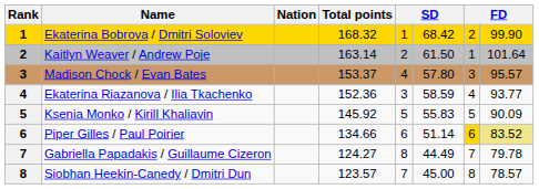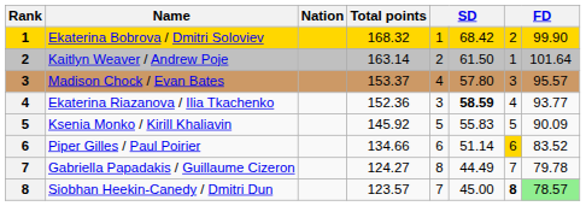 <table class="wikitable sortable">
 <tr>
 <th>Rank</th>
 <th>Name</th>
 <th>Nation</th>
 <th>Total points</th>
 <th colspan="2" width="80px"><a href='#'>SD</a></th>
 <th colspan="2" width="80px"><a href='#'>FD</a></th>
 </tr>
 <tr bgcolor="gold">
 <td align="center"><strong>1</strong></td>
 <td><a href='#'>Ekaterina Bobrova</a> / <a href='#'>Dmitri Soloviev</a></td>
 <td></td>
 <td align="center">168.32</td>
 <td align="center">1</td>
 <td align="center">68.42</td>
 <td align="center">2</td>
 <td align="center">99.90</td>
 </tr>
 <tr bgcolor="silver">
 <td align="center"><strong>2</strong></td>
 <td><a href='#'>Kaitlyn Weaver</a> / <a href='#'>Andrew Poje</a></td>
 <td></td>
 <td align="center">163.14</td>
 <td align="center">2</td>
 <td align="center">61.50</td>
 <td align="center">1</td>
 <td align="center">101.64</td>
 </tr>
 <tr bgcolor="cc9966">
 <td align="center"><strong>3</strong></td>
 <td><a href='#'>Madison Chock</a> / <a href='#'>Evan Bates</a></td>
 <td></td>
 <td align="center">153.37</td>
 <td align="center">4</td>
 <td align="center">57.80</td>
 <td align="center">3</td>
 <td align="center">95.57</td>
 </tr>
 <tr>
 <th>4</th>
 <td><a href='#'>Ekaterina Riazanova</a> / <a href='#'>Ilia Tkachenko</a></td>
 <td></td>
 <td align="center">152.36</td>
 <td align="center">3</td>
-<td align="center">58.59</td>
+<td align="center"><strong>58.59</strong></td>
 <td align="center">4</td>
 <td align="center">93.77</td>
 </tr>
 <tr>
 <th>5</th>
 <td><a href='#'>Ksenia Monko</a> / <a href='#'>Kirill Khaliavin</a></td>
 <td></td>
 <td align="center">145.92</td>
 <td align="center">5</td>
 <td align="center">55.83</td>
 <td align="center">5</td>
 <td align="center">90.09</td>
 </tr>
 <tr>
 <th>6</th>
 <td><a href='#'>Piper Gilles</a> / <a href='#'>Paul Poirier</a></td>
 <td></td>
 <td align="center">134.66</td>
 <td align="center">6</td>
 <td align="center">51.14</td>
 <td align="center" style="background: gold;">6</td>
-<td align="center" style="background: khaki;">83.52</td>
+<td align="center">83.52</td>
 </tr>
 <tr>
 <th>7</th>
 <td><a href='#'>Gabriella Papadakis</a> / <a href='#'>Guillaume Cizeron</a></td>
 <td></td>
 <td align="center">124.27</td>
 <td align="center">8</td>
 <td align="center">44.49</td>
 <td align="center">7</td>
 <td align="center">79.78</td>
 </tr>
 <tr>
 <th>8</th>
 <td><a href='#'>Siobhan Heekin-Canedy</a> / <a href='#'>Dmitri Dun</a></td>
 <td></td>
 <td align="center">123.57</td>
 <td align="center">7</td>
 <td align="center">45.00</td>
-<td align="center">8</td>
-<td align="center">78.57</td>
+<td align="center"><strong>8</strong></td>
+<td align="center" style="background: lightgreen;">78.57</td>
 </tr>
 </table>
